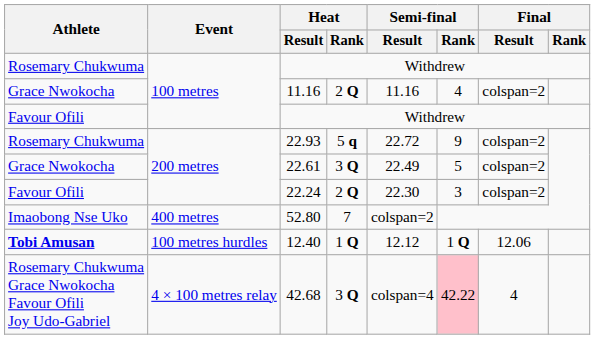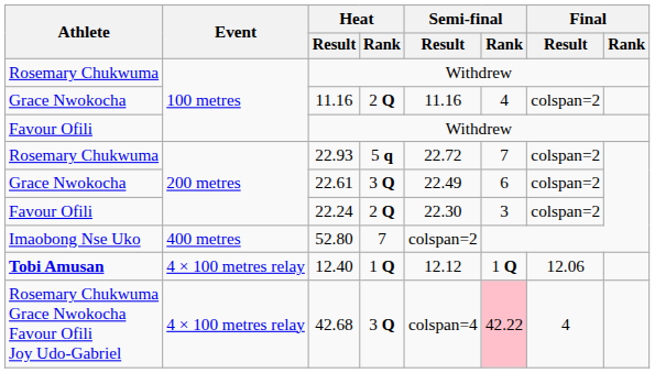 <table class="wikitable" style="font-size:90%">
 <tr>
 <th rowspan="2">Athlete</th>
 <th rowspan="2">Event</th>
 <th colspan="2">Heat</th>
 <th colspan="2">Semi-final</th>
 <th colspan="2">Final</th>
 </tr>
 <tr style="font-size:95%">
 <th>Result</th>
 <th>Rank</th>
 <th>Result</th>
 <th>Rank</th>
 <th>Result</th>
 <th>Rank</th>
 </tr>
 <tr align=center>
 <td align=left><a href='#'>Rosemary Chukwuma</a></td>
 <td align=left rowspan=3><a href='#'>100 metres</a></td>
 <td colspan=6>Withdrew</td>
 </tr>
 <tr align=center>
 <td align=left><a href='#'>Grace Nwokocha</a></td>
 <td>11.16 </td>
 <td>2 <strong>Q</strong></td>
 <td>11.16 </td>
 <td>4</td>
 <td>colspan=2 </td>
 </tr>
 <tr align=center>
 <td align=left><a href='#'>Favour Ofili</a></td>
 <td colspan=6>Withdrew</td>
 </tr>
 <tr align=center>
 <td align=left><a href='#'>Rosemary Chukwuma</a></td>
 <td align=left rowspan=3><a href='#'>200 metres</a></td>
 <td>22.93 </td>
 <td>5 <strong>q</strong></td>
 <td>22.72 </td>
-<td>9</td>
+<td>7</td>
 <td>colspan=2 </td>
 </tr>
 <tr align=center>
 <td align=left><a href='#'>Grace Nwokocha</a></td>
 <td>22.61 </td>
 <td>3 <strong>Q</strong></td>
 <td>22.49 </td>
-<td>5</td>
+<td>6</td>
 <td>colspan=2 </td>
 </tr>
 <tr align=center>
 <td align=left><a href='#'>Favour Ofili</a></td>
 <td>22.24 </td>
 <td>2 <strong>Q</strong></td>
 <td>22.30 </td>
 <td>3</td>
 <td>colspan=2 </td>
 </tr>
 <tr align=center>
 <td align=left><a href='#'>Imaobong Nse Uko</a></td>
 <td align=left><a href='#'>400 metres</a></td>
 <td>52.80</td>
 <td>7</td>
 <td>colspan=2 </td>
 </tr>
 <tr align=center>
 <td align=left><strong><a href='#'>Tobi Amusan</a></strong></td>
-<td align=left><a href='#'>100 metres hurdles</a></td>
+<td align=left><a href='#'>4 × 100 metres relay</a></td>
 <td>12.40  <strong></strong></td>
 <td>1 <strong>Q</strong></td>
 <td>12.12  <strong></strong></td>
 <td>1 <strong>Q</strong></td>
 <td>12.06  </td>
 <td></td>
 </tr>
 <tr align=center>
 <td align=left><a href='#'>Rosemary Chukwuma</a><br><a href='#'>Grace Nwokocha</a><br><a href='#'>Favour Ofili</a><br><a href='#'>Joy Udo-Gabriel</a></td>
 <td align=left><a href='#'>4 × 100 metres relay</a></td>
 <td>42.68 </td>
 <td>3 <strong>Q</strong></td>
 <td>colspan=4 </td>
 <td style="background: pink;">42.22 </td>
 <td>4</td>
 </tr>
 </table>
